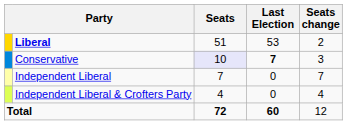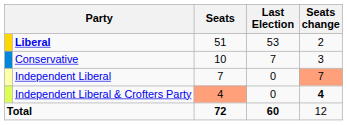 <table class="wikitable sortable">
 <tr>
 <th style="width:200px" colspan=2>Party</th>
 <th style="width:70px;">Seats</th>
 <th style="width:70px;">Last Election</th>
 <th style="width:40px;">Seats change</th>
 </tr>
 <tr>
 <td style="background-color:#FFD700"> </td>
 <td><strong><a href='#'>Liberal</a></strong></td>
 <td align="center">51</td>
 <td align=center>53</td>
 <td align="center"> 2</td>
 </tr>
 <tr>
 <td style="background-color:#0087DC"> </td>
 <td><a href='#'>Conservative</a></td>
-<td align="center" style="background: lavender;">10</td>
-<td align=center><strong>7</strong></td>
+<td align="center">10</td>
+<td align=center>7</td>
 <td align="center"> 3</td>
 </tr>
 <tr>
 <td style="background-color:#FFFFAA"> </td>
 <td><a href='#'>Independent Liberal</a></td>
 <td align=center>7</td>
 <td align="center">0</td>
-<td align=center> 7</td>
+<td align=center style="background: lightsalmon;"> 7</td>
 </tr>
 <tr>
 <td style="background-color:#DDFF55"> </td>
 <td><a href='#'>Independent Liberal & Crofters Party</a></td>
-<td align="center">4</td>
+<td align="center" style="background: lightsalmon;">4</td>
 <td align=center>0</td>
-<td align="center"> 4</td>
+<td align="center"><strong> 4</strong></td>
 </tr>
 <tr>
 <td colspan=2><strong>Total</strong></td>
 <td align=center><strong>72</strong></td>
 <td align=center><strong>60</strong></td>
 <td align=center> 12</td>
 </tr>
 </table>
